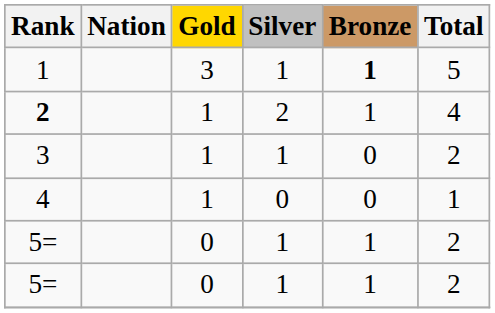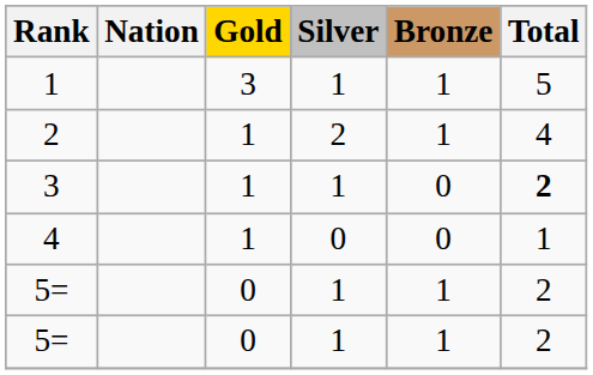 <table class="wikitable sortable" style="text-align:center">
 <tr>
 <th>Rank</th>
 <th>Nation</th>
 <th style="background-color:gold">Gold</th>
 <th style="background-color:silver">Silver</th>
 <th style="background-color:#cc9966">Bronze</th>
 <th>Total</th>
 </tr>
 <tr>
 <td>1</td>
 <td align=left></td>
 <td>3</td>
 <td>1</td>
-<td><strong>1</strong></td>
+<td>1</td>
 <td>5</td>
 </tr>
 <tr>
-<td><strong>2</strong></td>
+<td>2</td>
 <td align=left></td>
 <td>1</td>
 <td>2</td>
 <td>1</td>
 <td>4</td>
 </tr>
 <tr>
 <td>3</td>
 <td align=left></td>
 <td>1</td>
 <td>1</td>
 <td>0</td>
-<td>2</td>
+<td><strong>2</strong></td>
 </tr>
 <tr>
 <td>4</td>
 <td align=left></td>
 <td>1</td>
 <td>0</td>
 <td>0</td>
 <td>1</td>
 </tr>
 <tr>
 <td>5=</td>
 <td align=left></td>
 <td>0</td>
 <td>1</td>
 <td>1</td>
 <td>2</td>
 </tr>
 <tr>
 <td>5=</td>
 <td align=left></td>
 <td>0</td>
 <td>1</td>
 <td>1</td>
 <td>2</td>
 </tr>
 <tr>
 </tr>
 </table>
